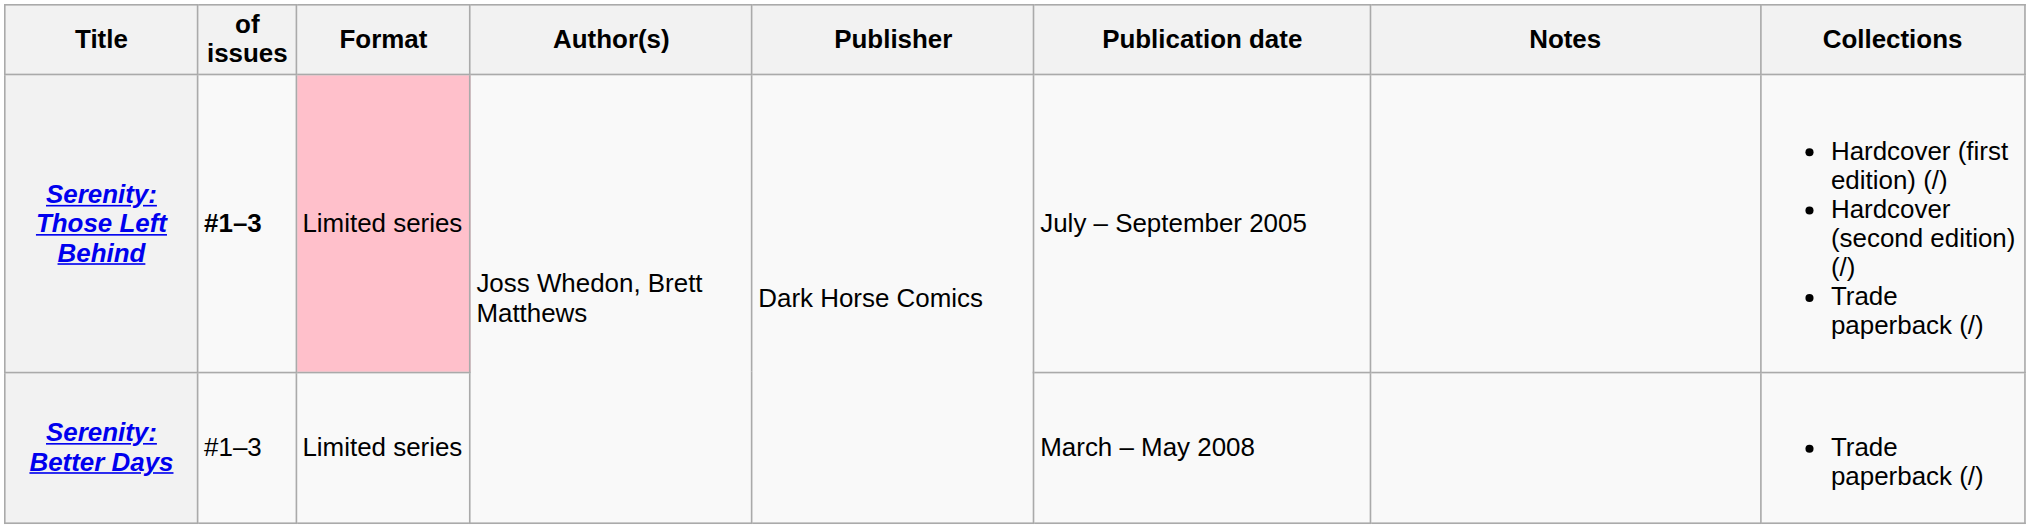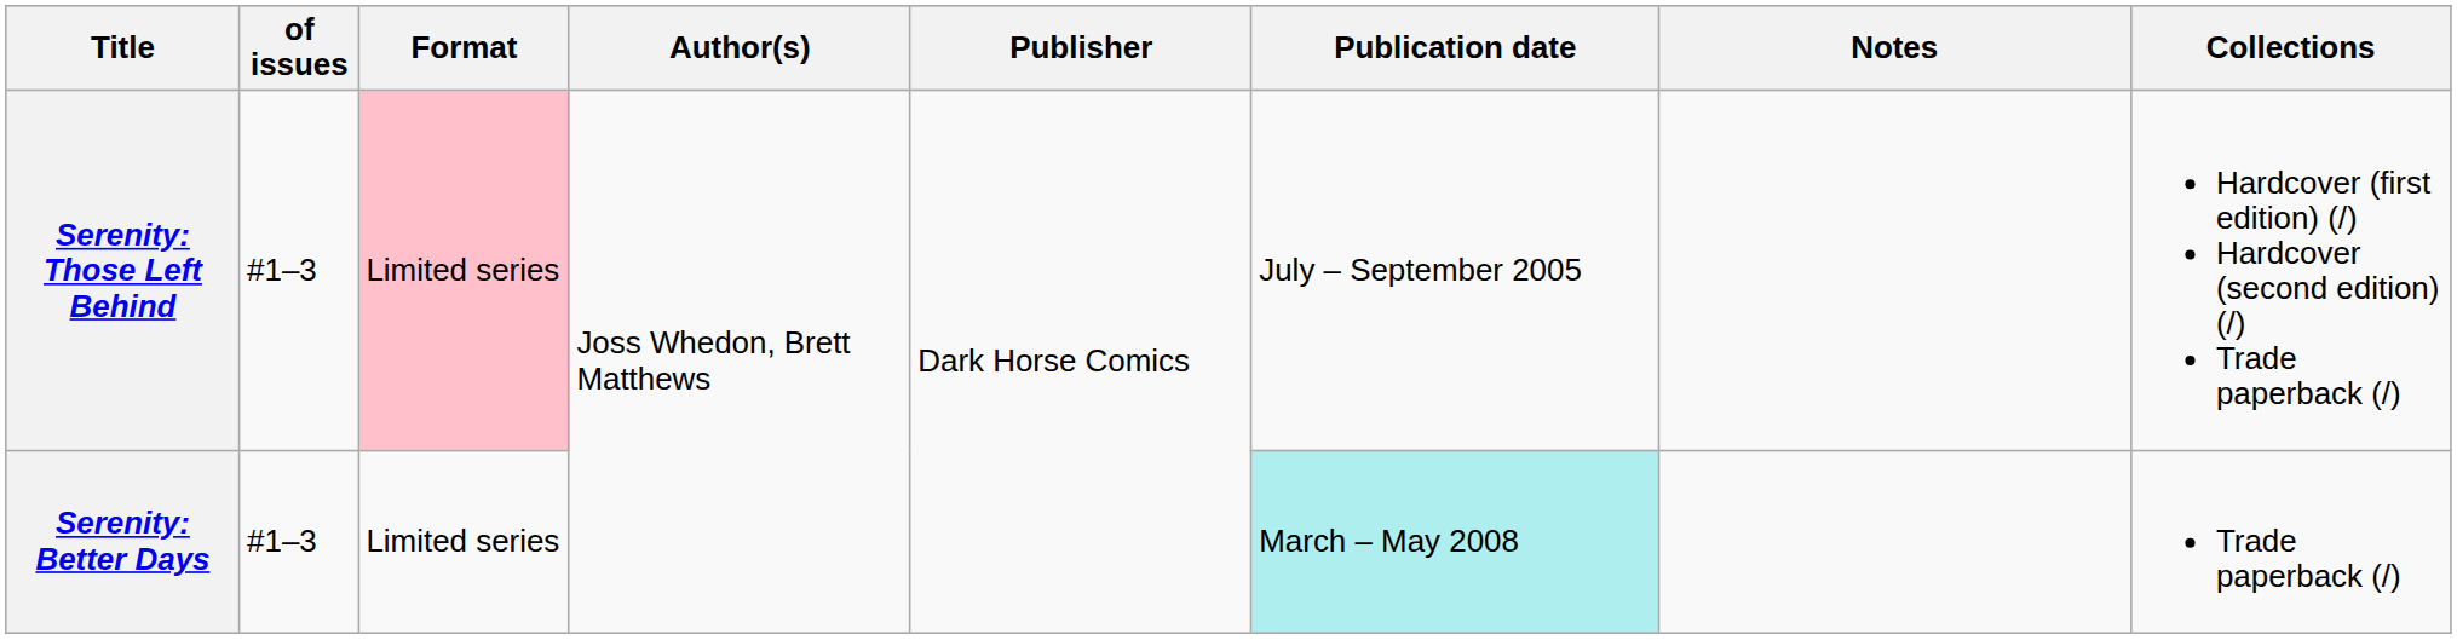 <table class="wikitable">
 <tr>
 <th>Title</th>
 <th style="width:40pt"> of issues</th>
 <th style="width:75pt">Format</th>
 <th style="width:125pt">Author(s)</th>
 <th style="width:125pt">Publisher</th>
 <th style="width:150pt">Publication date</th>
 <th style="width:175pt">Notes</th>
 <th>Collections</th>
 </tr>
 <tr>
 <th><em><a href='#'>Serenity: Those Left Behind</a></em></th>
-<td><strong>#1–3</strong></td>
+<td>#1–3</td>
 <td style="background: pink;">Limited series</td>
 <td rowspan="2">Joss Whedon, Brett Matthews</td>
 <td rowspan="2">Dark Horse Comics</td>
 <td>July – September 2005</td>
 <td></td>
 <td><br><ul><li>Hardcover (first edition) (/)</li><li>Hardcover (second edition) (/)</li><li>Trade paperback (/)</li></ul></td>
 </tr>
 <tr>
 <th><em><a href='#'>Serenity: Better Days</a></em></th>
 <td>#1–3</td>
 <td>Limited series</td>
-<td>March – May 2008</td>
+<td style="background: paleturquoise;">March – May 2008</td>
 <td></td>
 <td><br><ul><li>Trade paperback (/)</li></ul></td>
 </tr>
 </table>
